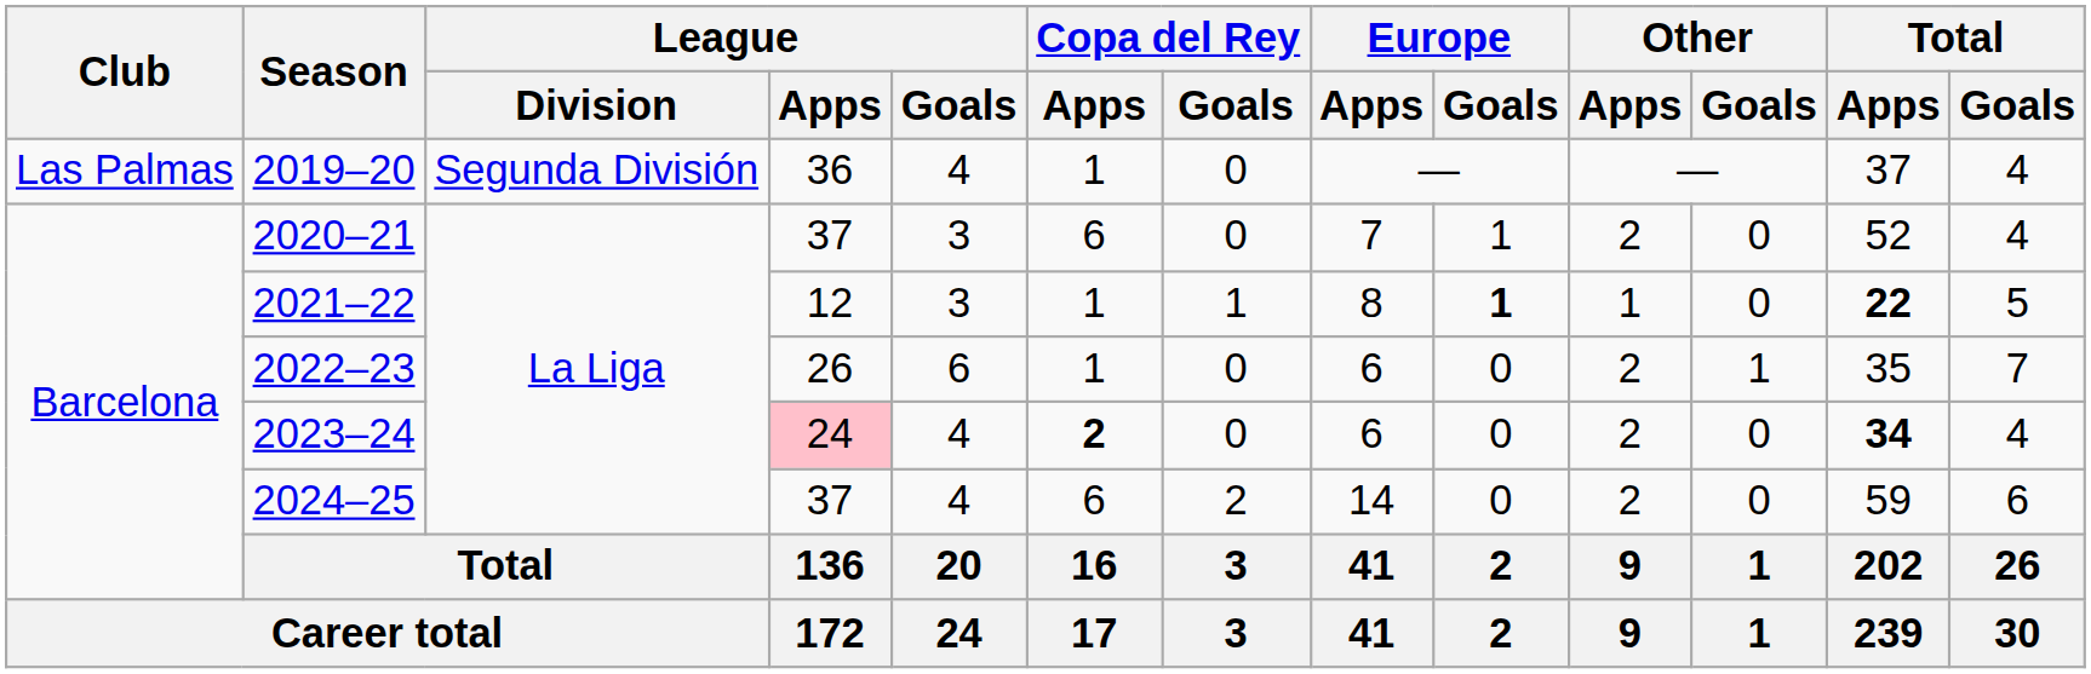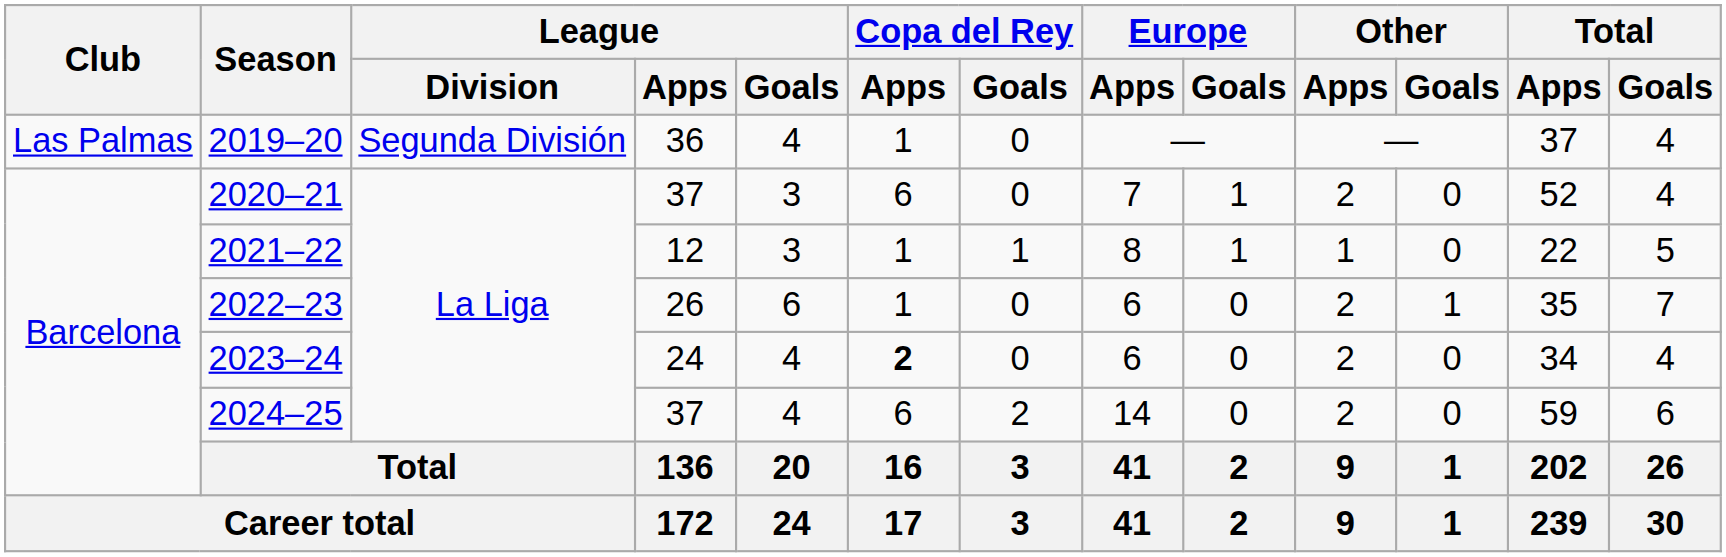 <table class=wikitable style="text-align:center">
 <tr>
 <th rowspan=2>Club</th>
 <th rowspan=2>Season</th>
 <th colspan=3>League</th>
 <th colspan=2><a href='#'>Copa del Rey</a></th>
 <th colspan=2><a href='#'>Europe</a></th>
 <th colspan=2>Other</th>
 <th colspan=2>Total</th>
 </tr>
 <tr>
 <th>Division</th>
 <th>Apps</th>
 <th>Goals</th>
 <th>Apps</th>
 <th>Goals</th>
 <th>Apps</th>
 <th>Goals</th>
 <th>Apps</th>
 <th>Goals</th>
 <th>Apps</th>
 <th>Goals</th>
 </tr>
 <tr>
 <td><a href='#'>Las Palmas</a></td>
 <td><a href='#'>2019–20</a></td>
 <td><a href='#'>Segunda División</a></td>
 <td>36</td>
 <td>4</td>
 <td>1</td>
 <td>0</td>
 <td colspan="2">—</td>
 <td colspan="2">—</td>
 <td>37</td>
 <td>4</td>
 </tr>
 <tr>
 <td rowspan="6"><a href='#'>Barcelona</a></td>
 <td><a href='#'>2020–21</a></td>
 <td rowspan="5"><a href='#'>La Liga</a></td>
 <td>37</td>
 <td>3</td>
 <td>6</td>
 <td>0</td>
 <td>7</td>
 <td>1</td>
 <td>2</td>
 <td>0</td>
 <td>52</td>
 <td>4</td>
 </tr>
 <tr>
 <td><a href='#'>2021–22</a></td>
 <td>12</td>
 <td>3</td>
 <td>1</td>
 <td>1</td>
 <td>8</td>
-<td><strong>1</strong></td>
+<td>1</td>
 <td>1</td>
 <td>0</td>
-<td><strong>22</strong></td>
+<td>22</td>
 <td>5</td>
 </tr>
 <tr>
 <td><a href='#'>2022–23</a></td>
 <td>26</td>
 <td>6</td>
 <td>1</td>
 <td>0</td>
 <td>6</td>
 <td>0</td>
 <td>2</td>
 <td>1</td>
 <td>35</td>
 <td>7</td>
 </tr>
 <tr>
 <td><a href='#'>2023–24</a></td>
-<td style="background: pink;">24</td>
+<td>24</td>
 <td>4</td>
 <td><strong>2</strong></td>
 <td>0</td>
 <td>6</td>
 <td>0</td>
 <td>2</td>
 <td>0</td>
-<td><strong>34</strong></td>
+<td>34</td>
 <td>4</td>
 </tr>
 <tr>
 <td><a href='#'>2024–25</a></td>
 <td>37</td>
 <td>4</td>
 <td>6</td>
 <td>2</td>
 <td>14</td>
 <td>0</td>
 <td>2</td>
 <td>0</td>
 <td>59</td>
 <td>6</td>
 </tr>
 <tr>
 <th colspan="2">Total</th>
 <th>136</th>
 <th>20</th>
 <th>16</th>
 <th>3</th>
 <th>41</th>
 <th>2</th>
 <th>9</th>
 <th>1</th>
 <th>202</th>
 <th>26</th>
 </tr>
 <tr>
 <th colspan="3">Career total</th>
 <th>172</th>
 <th>24</th>
 <th>17</th>
 <th>3</th>
 <th>41</th>
 <th>2</th>
 <th>9</th>
 <th>1</th>
 <th>239</th>
 <th>30</th>
 </tr>
 </table>
